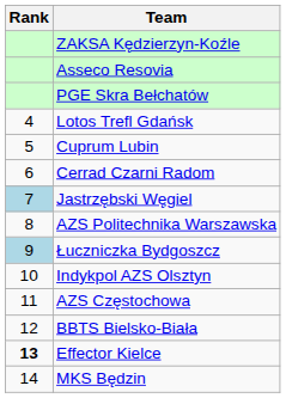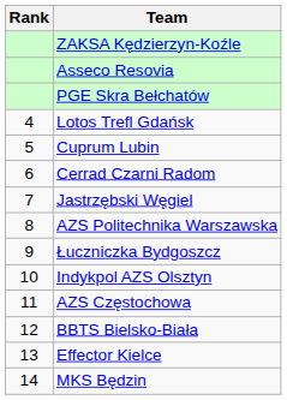 <table class="wikitable" style="white-space: nowrap; width:25%;">
 <tr>
 <th width=15%>Rank</th>
 <th>Team</th>
 </tr>
 <tr bgcolor=#CCFFCC>
 <td style="text-align:center;"></td>
 <td><a href='#'>ZAKSA Kędzierzyn-Koźle</a></td>
 </tr>
 <tr bgcolor=#CCFFCC>
 <td style="text-align:center;"></td>
 <td><a href='#'>Asseco Resovia</a></td>
 </tr>
 <tr bgcolor=#CCFFCC>
 <td style="text-align:center;"></td>
 <td><a href='#'>PGE Skra Bełchatów</a></td>
 </tr>
 <tr>
 <td style="text-align:center;">4</td>
 <td><a href='#'>Lotos Trefl Gdańsk</a></td>
 </tr>
 <tr>
 <td style="text-align:center;">5</td>
 <td><a href='#'>Cuprum Lubin</a></td>
 </tr>
 <tr>
 <td style="text-align:center;">6</td>
 <td><a href='#'>Cerrad Czarni Radom</a></td>
 </tr>
 <tr>
-<td style="background: lightblue; text-align:center;">7</td>
+<td style="text-align:center;">7</td>
 <td><a href='#'>Jastrzębski Węgiel</a></td>
 </tr>
 <tr>
 <td style="text-align:center;">8</td>
 <td><a href='#'>AZS Politechnika Warszawska</a></td>
 </tr>
 <tr>
-<td style="background: lightblue; text-align:center;">9</td>
+<td style="text-align:center;">9</td>
 <td><a href='#'>Łuczniczka Bydgoszcz</a></td>
 </tr>
 <tr>
 <td style="text-align:center;">10</td>
 <td><a href='#'>Indykpol AZS Olsztyn</a></td>
 </tr>
 <tr>
 <td style="text-align:center;">11</td>
 <td><a href='#'>AZS Częstochowa</a></td>
 </tr>
 <tr>
 <td style="text-align:center;">12</td>
 <td><a href='#'>BBTS Bielsko-Biała</a></td>
 </tr>
 <tr>
-<td style="text-align:center;"><strong>13</strong></td>
+<td style="text-align:center;">13</td>
 <td align=left><a href='#'>Effector Kielce</a></td>
 </tr>
 <tr>
 <td style="text-align:center;">14</td>
 <td align=left><a href='#'>MKS Będzin</a></td>
 </tr>
 </table>
